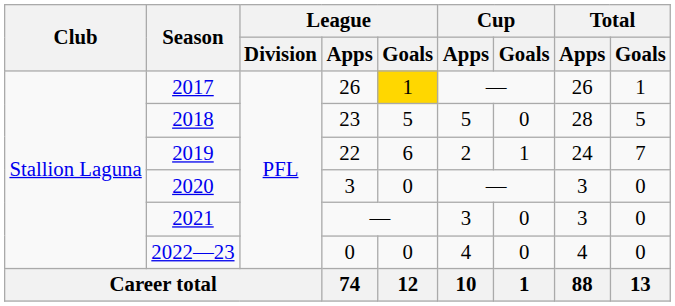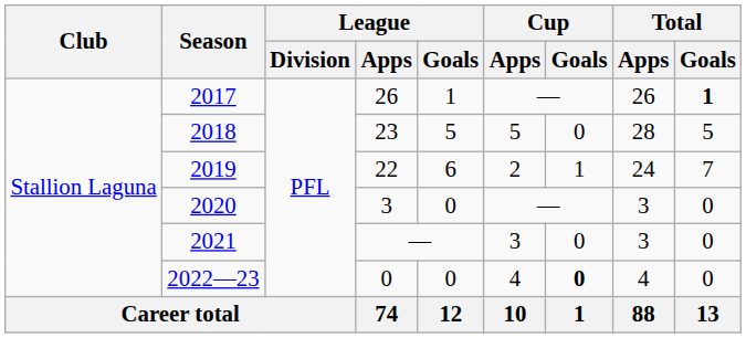 <table class="wikitable" style="text-align: center">
 <tr>
 <th rowspan="2">Club</th>
 <th rowspan="2">Season</th>
 <th colspan="3">League</th>
 <th colspan="2">Cup</th>
 <th colspan="2">Total</th>
 </tr>
 <tr>
 <th>Division</th>
 <th>Apps</th>
 <th>Goals</th>
 <th>Apps</th>
 <th>Goals</th>
 <th>Apps</th>
 <th>Goals</th>
 </tr>
 <tr>
 <td rowspan="6"><a href='#'>Stallion Laguna</a></td>
 <td><a href='#'>2017</a></td>
 <td rowspan="6"><a href='#'>PFL</a></td>
 <td>26</td>
-<td style="background: gold;">1</td>
+<td>1</td>
 <td colspan="2">—</td>
 <td>26</td>
-<td>1</td>
+<td><strong>1</strong></td>
 </tr>
 <tr>
 <td><a href='#'>2018</a></td>
 <td>23</td>
 <td>5</td>
 <td>5</td>
 <td>0</td>
 <td>28</td>
 <td>5</td>
 </tr>
 <tr>
 <td><a href='#'>2019</a></td>
 <td>22</td>
 <td>6</td>
 <td>2</td>
 <td>1</td>
 <td>24</td>
 <td>7</td>
 </tr>
 <tr>
 <td><a href='#'>2020</a></td>
 <td>3</td>
 <td>0</td>
 <td colspan="2">—</td>
 <td>3</td>
 <td>0</td>
 </tr>
 <tr>
 <td><a href='#'>2021</a></td>
 <td colspan="2">—</td>
 <td>3</td>
 <td>0</td>
 <td>3</td>
 <td>0</td>
 </tr>
 <tr>
 <td><a href='#'>2022—23</a></td>
 <td>0</td>
 <td>0</td>
 <td>4</td>
-<td>0</td>
+<td><strong>0</strong></td>
 <td>4</td>
 <td>0</td>
 </tr>
 <tr>
 <th colspan="3"><strong>Career total</strong></th>
 <th>74</th>
 <th>12</th>
 <th>10</th>
 <th>1</th>
 <th>88</th>
 <th>13</th>
 </tr>
 </table>
